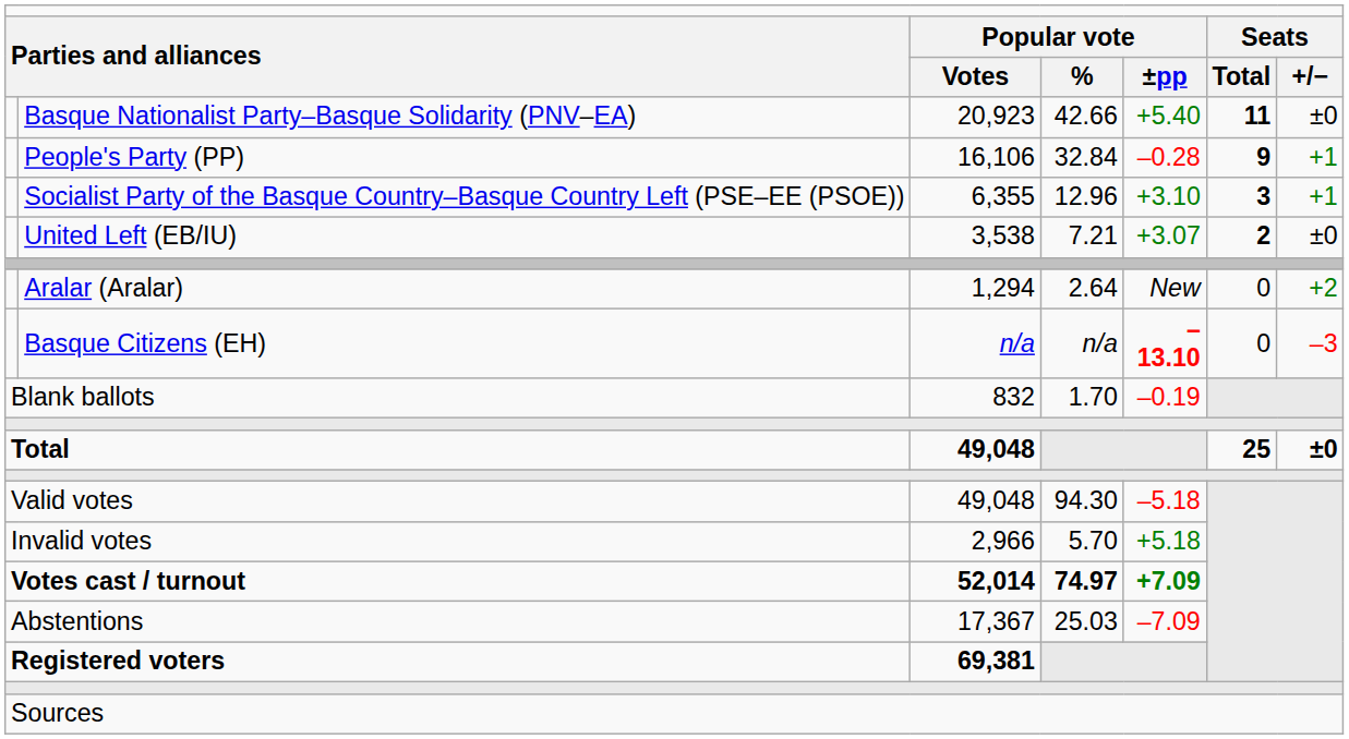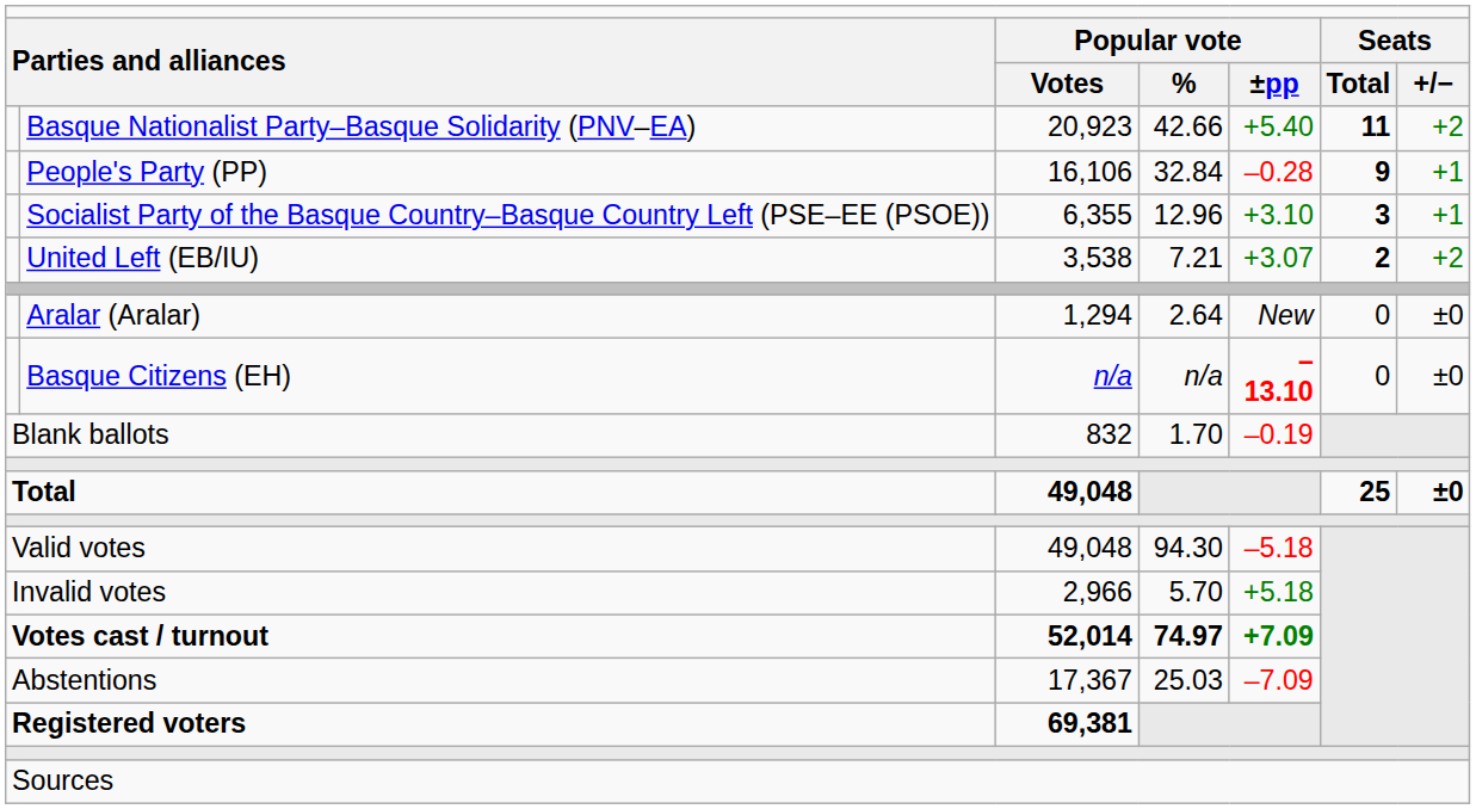 <table class="wikitable" style="text-align:right;">
 <tr>
 <td colspan="7"></td>
 </tr>
 <tr>
 <th style="text-align:left;" rowspan="2" colspan="2" width="525">Parties and alliances</th>
 <th colspan="3">Popular vote</th>
 <th colspan="2">Seats</th>
 </tr>
 <tr>
 <th width="75">Votes</th>
 <th width="45">%</th>
 <th width="45">±<a href='#'>pp</a></th>
 <th width="35">Total</th>
 <th width="35">+/−</th>
 </tr>
 <tr>
 <td width="1" style="color:inherit;background:"></td>
 <td align="left"><a href='#'>Basque Nationalist Party–Basque Solidarity</a> (<a href='#'>PNV</a>–<a href='#'>EA</a>)</td>
 <td>20,923</td>
 <td>42.66</td>
 <td style="color:green;">+5.40</td>
 <td><strong>11</strong></td>
-<td>±0</td>
+<td style="color:green;">+2</td>
 </tr>
 <tr>
 <td style="color:inherit;background:"></td>
 <td align="left"><a href='#'>People's Party</a> (PP)</td>
 <td>16,106</td>
 <td>32.84</td>
 <td style="color:red;">–0.28</td>
 <td><strong>9</strong></td>
 <td style="color:green;">+1</td>
 </tr>
 <tr>
 <td style="color:inherit;background:"></td>
 <td align="left"><a href='#'>Socialist Party of the Basque Country–Basque Country Left</a> (PSE–EE (PSOE))</td>
 <td>6,355</td>
 <td>12.96</td>
 <td style="color:green;">+3.10</td>
 <td><strong>3</strong></td>
 <td style="color:green;">+1</td>
 </tr>
 <tr>
 <td style="color:inherit;background:"></td>
 <td align="left"><a href='#'>United Left</a> (EB/IU)</td>
 <td>3,538</td>
 <td>7.21</td>
 <td style="color:green;">+3.07</td>
 <td><strong>2</strong></td>
-<td>±0</td>
+<td style="color:green;">+2</td>
 </tr>
 <tr>
 <td colspan="7" style="color:inherit;background:#C0C0C0"></td>
 </tr>
 <tr>
 <td style="color:inherit;background:"></td>
 <td align="left"><a href='#'>Aralar</a> (Aralar)</td>
 <td>1,294</td>
 <td>2.64</td>
 <td><em>New</em></td>
 <td>0</td>
-<td style="color:green;">+2</td>
+<td>±0</td>
 </tr>
 <tr>
 <td style="color:inherit;background:"></td>
 <td align="left"><a href='#'>Basque Citizens</a> (EH)</td>
 <td><em><a href='#'>n/a</a></em></td>
 <td><em>n/a</em></td>
 <td style="color:red;"><strong>–13.10</strong></td>
 <td>0</td>
-<td style="color:red;">–3</td>
+<td>±0</td>
 </tr>
 <tr>
 <td align="left" colspan="2">Blank ballots</td>
 <td>832</td>
 <td>1.70</td>
 <td style="color:red;">–0.19</td>
 <td style="color:inherit;background:#E9E9E9" colspan="2"></td>
 </tr>
 <tr>
 <td colspan="7" style="color:inherit;background:#E9E9E9"></td>
 </tr>
 <tr style="font-weight:bold;">
 <td align="left" colspan="2">Total</td>
 <td>49,048</td>
 <td bgcolor="#E9E9E9" colspan="2"></td>
 <td>25</td>
 <td>±0</td>
 </tr>
 <tr>
 <td colspan="7" style="color:inherit;background:#E9E9E9"></td>
 </tr>
 <tr>
 <td align="left" colspan="2">Valid votes</td>
 <td>49,048</td>
 <td>94.30</td>
 <td style="color:red;">–5.18</td>
 <td bgcolor="#E9E9E9" colspan="2" rowspan="5"></td>
 </tr>
 <tr>
 <td align="left" colspan="2">Invalid votes</td>
 <td>2,966</td>
 <td>5.70</td>
 <td style="color:green;">+5.18</td>
 </tr>
 <tr style="font-weight:bold;">
 <td align="left" colspan="2">Votes cast / turnout</td>
 <td>52,014</td>
 <td>74.97</td>
 <td style="color:green;">+7.09</td>
 </tr>
 <tr>
 <td align="left" colspan="2">Abstentions</td>
 <td>17,367</td>
 <td>25.03</td>
 <td style="color:red;">–7.09</td>
 </tr>
 <tr style="font-weight:bold;">
 <td align="left" colspan="2">Registered voters</td>
 <td>69,381</td>
 <td bgcolor="#E9E9E9" colspan="2"></td>
 </tr>
 <tr>
 <td colspan="7" style="color:inherit;background:#E9E9E9"></td>
 </tr>
 <tr>
 <td align="left" colspan="7">Sources</td>
 </tr>
 </table>
